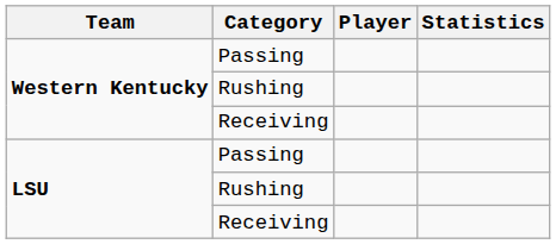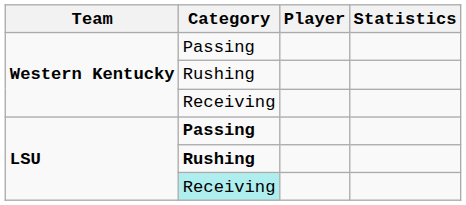 <table class="wikitable" style="float: right;">
 <tr>
 <th>Team</th>
 <th>Category</th>
 <th>Player</th>
 <th>Statistics</th>
 </tr>
 <tr>
 <td rowspan=3><strong>Western Kentucky</strong></td>
 <td>Passing</td>
 <td></td>
 <td></td>
 </tr>
 <tr>
 <td>Rushing</td>
 <td></td>
 <td></td>
 </tr>
 <tr>
 <td>Receiving</td>
 <td></td>
 <td></td>
 </tr>
 <tr>
 <td rowspan=3><strong>LSU</strong></td>
-<td>Passing</td>
+<td><strong>Passing</strong></td>
 <td></td>
 <td></td>
 </tr>
 <tr>
-<td>Rushing</td>
+<td><strong>Rushing</strong></td>
 <td></td>
 <td></td>
 </tr>
 <tr>
-<td>Receiving</td>
+<td style="background: paleturquoise;">Receiving</td>
 <td></td>
 <td></td>
 </tr>
 </table>
